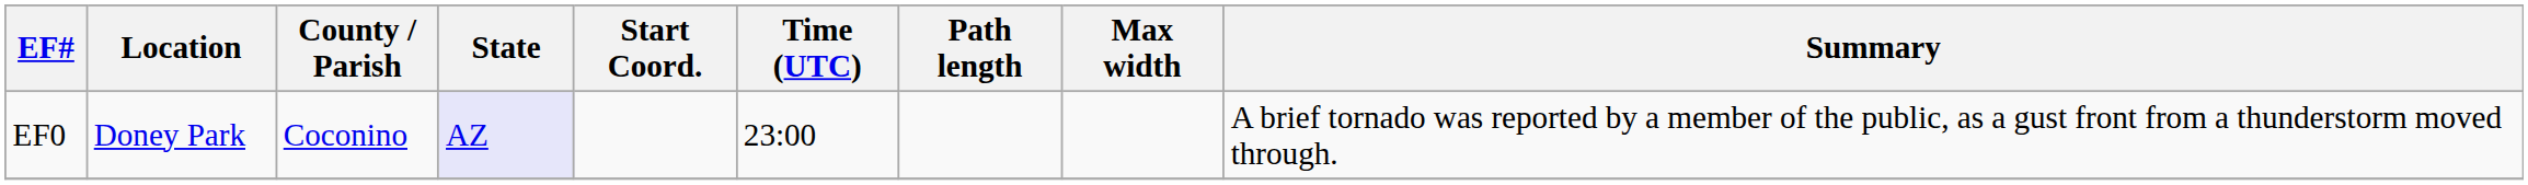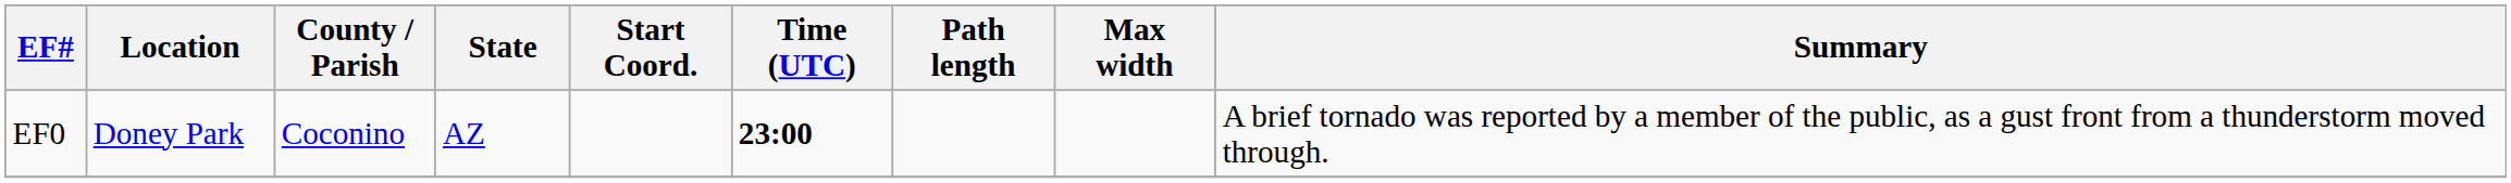 <table class="wikitable sortable" style="width:100%;">
 <tr>
 <th scope="col"  style="width:3%; text-align:center;"><a href='#'>EF#</a></th>
 <th scope="col"  style="width:7%; text-align:center;" class="unsortable">Location</th>
 <th scope="col"  style="width:6%; text-align:center;" class="unsortable">County / Parish</th>
 <th scope="col"  style="width:5%; text-align:center;">State</th>
 <th scope="col"  style="width:6%; text-align:center;">Start Coord.</th>
 <th scope="col"  style="width:6%; text-align:center;">Time (<a href='#'>UTC</a>)</th>
 <th scope="col"  style="width:6%; text-align:center;">Path length</th>
 <th scope="col"  style="width:6%; text-align:center;">Max width</th>
 <th scope="col" class="unsortable" style="width:48%; text-align:center;">Summary</th>
 </tr>
 <tr>
 <td>EF0</td>
 <td><a href='#'>Doney Park</a></td>
 <td><a href='#'>Coconino</a></td>
-<td style="background: lavender;"><a href='#'>AZ</a></td>
+<td><a href='#'>AZ</a></td>
 <td></td>
-<td>23:00</td>
+<td><strong>23:00</strong></td>
 <td></td>
 <td></td>
 <td>A brief tornado was reported by a member of the public, as a gust front from a thunderstorm moved through.</td>
 </tr>
 <tr>
 </tr>
 </table>
